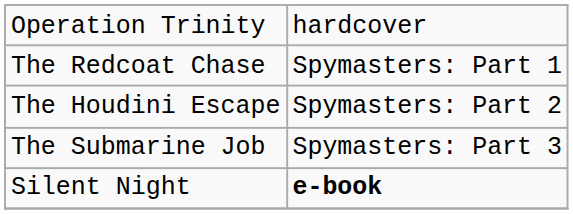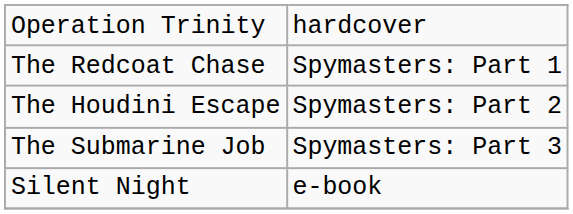 <table class=wikitable>
 <tr>
 <td>Operation Trinity</td>
 <td>hardcover</td>
 </tr>
 <tr>
 <td>The Redcoat Chase</td>
 <td>Spymasters: Part 1</td>
 </tr>
 <tr>
 <td>The Houdini Escape</td>
 <td>Spymasters: Part 2</td>
 </tr>
 <tr>
 <td>The Submarine Job</td>
 <td>Spymasters: Part 3</td>
 </tr>
 <tr>
 <td>Silent Night</td>
-<td><strong>e-book</strong></td>
+<td>e-book</td>
 </tr>
 <tr>
 </tr>
 </table>
